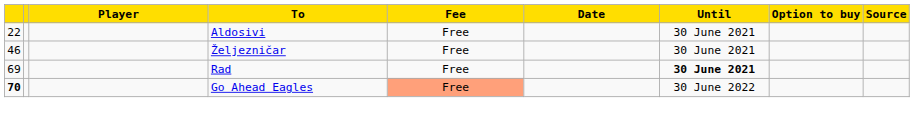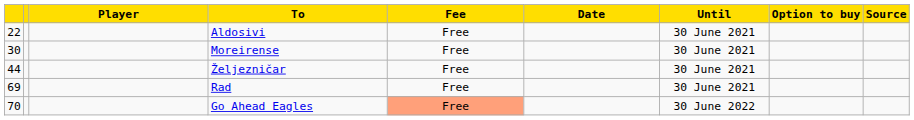 <table class="wikitable sortable">
 <tr>
 <th style="background:#FFDE00"></th>
 <th style="background:#FFDE00"></th>
 <th width=200 style="background:#FFDE00">Player</th>
 <th width=200 style="background:#FFDE00">To</th>
 <th width=150 style="background:#FFDE00">Fee</th>
 <th width=150 style="background:#FFDE00">Date</th>
 <th width=120 style="background:#FFDE00">Until</th>
 <th style="background:#FFDE00">Option to buy</th>
 <th style="background:#FFDE00">Source</th>
 </tr>
 <tr>
 <td align=center>22</td>
 <td align=center></td>
 <td></td>
 <td> <a href='#'>Aldosivi</a></td>
 <td align=center>Free</td>
 <td align=center></td>
 <td align=center>30 June 2021</td>
 <td align=center></td>
 <td align=center></td>
 </tr>
 <tr>
-<td align=center>46</td>
+<td align=center>30</td>
+<td align=center></td>
+<td></td>
+<td> <a href='#'>Moreirense</a></td>
+<td align=center>Free</td>
+<td align=center></td>
+<td align=center>30 June 2021</td>
+<td align=center></td>
+<td align=center></td>
+</tr>
+<tr>
+<td align=center>44</td>
 <td align=center></td>
 <td></td>
 <td> <a href='#'>Željezničar</a></td>
 <td align=center>Free</td>
 <td align=center></td>
 <td align=center>30 June 2021</td>
 <td align=center></td>
 <td align=center></td>
 </tr>
 <tr>
 <td align=center>69</td>
 <td align=center></td>
 <td></td>
 <td> <a href='#'>Rad</a></td>
 <td align=center>Free</td>
 <td align=center></td>
-<td align=center><strong>30 June 2021</strong></td>
+<td align=center>30 June 2021</td>
 <td align=center></td>
 <td align=center></td>
 </tr>
 <tr>
-<td align=center><strong>70</strong></td>
+<td align=center>70</td>
 <td align=center></td>
 <td></td>
 <td> <a href='#'>Go Ahead Eagles</a></td>
 <td align=center style="background: lightsalmon;">Free</td>
 <td align=center></td>
 <td align=center>30 June 2022</td>
 <td align=center></td>
 <td align=center></td>
 </tr>
 </table>
